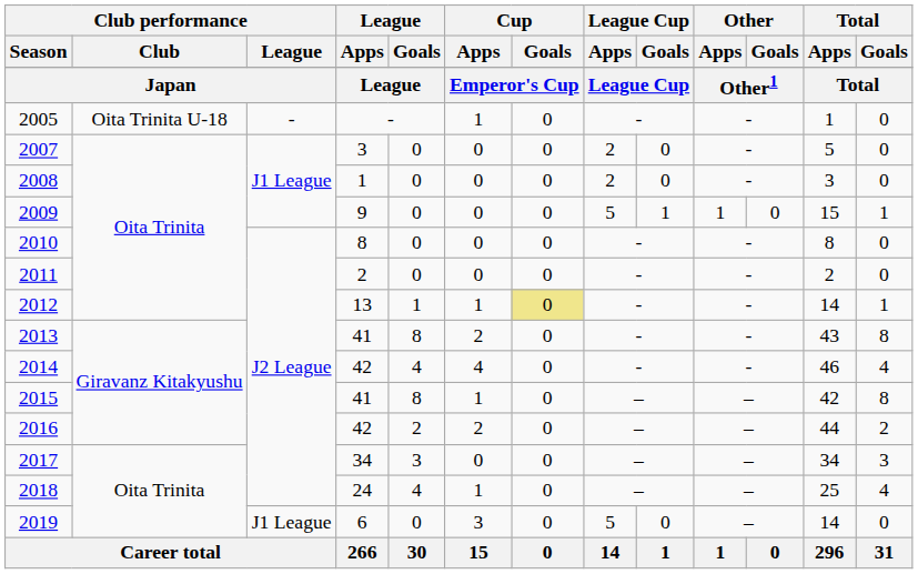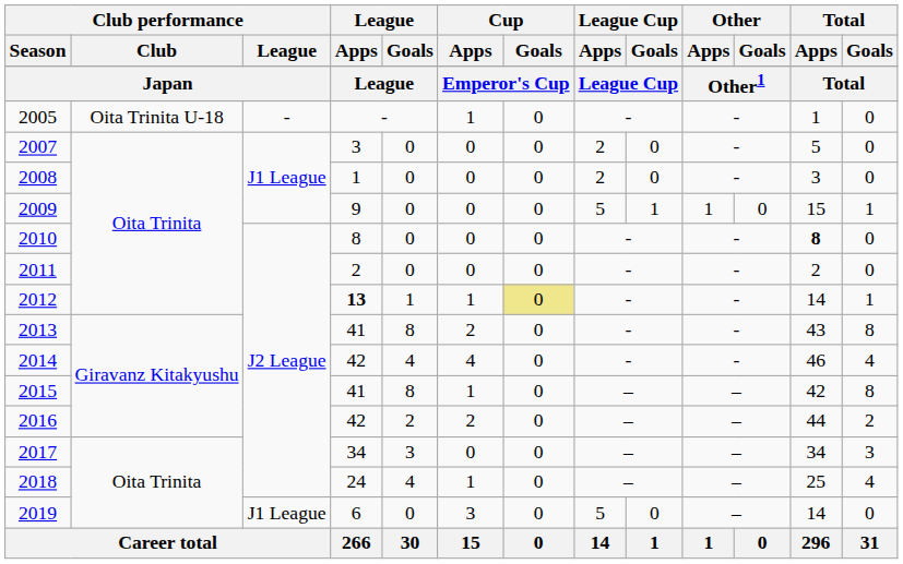 <table class="wikitable" style="text-align:center">
 <tr>
 <th colspan=3>Club performance</th>
 <th colspan=2>League</th>
 <th colspan=2>Cup</th>
 <th colspan=2>League Cup</th>
 <th colspan=2>Other</th>
 <th colspan=2>Total</th>
 </tr>
 <tr>
 <th>Season</th>
 <th>Club</th>
 <th>League</th>
 <th>Apps</th>
 <th>Goals</th>
 <th>Apps</th>
 <th>Goals</th>
 <th>Apps</th>
 <th>Goals</th>
 <th>Apps</th>
 <th>Goals</th>
 <th>Apps</th>
 <th>Goals</th>
 </tr>
 <tr>
 </tr>
 <tr>
 <th colspan=3>Japan</th>
 <th colspan=2>League</th>
 <th colspan=2><a href='#'>Emperor's Cup</a></th>
 <th colspan=2><a href='#'>League Cup</a></th>
 <th colspan="2">Other<sup><a href='#'>1</a></sup></th>
 <th colspan=2>Total</th>
 </tr>
 <tr>
 <td>2005</td>
 <td>Oita Trinita U-18</td>
 <td>-</td>
 <td colspan="2">-</td>
 <td>1</td>
 <td>0</td>
 <td colspan="2">-</td>
 <td colspan="2">-</td>
 <td>1</td>
 <td>0</td>
 </tr>
 <tr>
 <td><a href='#'>2007</a></td>
 <td rowspan="6"><a href='#'>Oita Trinita</a></td>
 <td rowspan="3"><a href='#'>J1 League</a></td>
 <td>3</td>
 <td>0</td>
 <td>0</td>
 <td>0</td>
 <td>2</td>
 <td>0</td>
 <td colspan="2">-</td>
 <td>5</td>
 <td>0</td>
 </tr>
 <tr>
 <td><a href='#'>2008</a></td>
 <td>1</td>
 <td>0</td>
 <td>0</td>
 <td>0</td>
 <td>2</td>
 <td>0</td>
 <td colspan="2">-</td>
 <td>3</td>
 <td>0</td>
 </tr>
 <tr>
 <td><a href='#'>2009</a></td>
 <td>9</td>
 <td>0</td>
 <td>0</td>
 <td>0</td>
 <td>5</td>
 <td>1</td>
 <td>1</td>
 <td>0</td>
 <td>15</td>
 <td>1</td>
 </tr>
 <tr>
 <td><a href='#'>2010</a></td>
 <td rowspan="9"><a href='#'>J2 League</a></td>
 <td>8</td>
 <td>0</td>
 <td>0</td>
 <td>0</td>
 <td colspan="2">-</td>
 <td colspan="2">-</td>
-<td>8</td>
+<td><strong>8</strong></td>
 <td>0</td>
 </tr>
 <tr>
 <td><a href='#'>2011</a></td>
 <td>2</td>
 <td>0</td>
 <td>0</td>
 <td>0</td>
 <td colspan="2">-</td>
 <td colspan="2">-</td>
 <td>2</td>
 <td>0</td>
 </tr>
 <tr>
 <td><a href='#'>2012</a></td>
-<td>13</td>
+<td><strong>13</strong></td>
 <td>1</td>
 <td>1</td>
 <td style="background: khaki;">0</td>
 <td colspan="2">-</td>
 <td colspan="2">-</td>
 <td>14</td>
 <td>1</td>
 </tr>
 <tr>
 <td><a href='#'>2013</a></td>
 <td rowspan="4"><a href='#'>Giravanz Kitakyushu</a></td>
 <td>41</td>
 <td>8</td>
 <td>2</td>
 <td>0</td>
 <td colspan="2">-</td>
 <td colspan="2">-</td>
 <td>43</td>
 <td>8</td>
 </tr>
 <tr>
 <td><a href='#'>2014</a></td>
 <td>42</td>
 <td>4</td>
 <td>4</td>
 <td>0</td>
 <td colspan="2">-</td>
 <td colspan="2">-</td>
 <td>46</td>
 <td>4</td>
 </tr>
 <tr>
 <td><a href='#'>2015</a></td>
 <td>41</td>
 <td>8</td>
 <td>1</td>
 <td>0</td>
 <td colspan="2">–</td>
 <td colspan="2">–</td>
 <td>42</td>
 <td>8</td>
 </tr>
 <tr>
 <td><a href='#'>2016</a></td>
 <td>42</td>
 <td>2</td>
 <td>2</td>
 <td>0</td>
 <td colspan="2">–</td>
 <td colspan="2">–</td>
 <td>44</td>
 <td>2</td>
 </tr>
 <tr>
 <td><a href='#'>2017</a></td>
 <td rowspan="3">Oita Trinita</td>
 <td>34</td>
 <td>3</td>
 <td>0</td>
 <td>0</td>
 <td colspan="2">–</td>
 <td colspan="2">–</td>
 <td>34</td>
 <td>3</td>
 </tr>
 <tr>
 <td><a href='#'>2018</a></td>
 <td>24</td>
 <td>4</td>
 <td>1</td>
 <td>0</td>
 <td colspan="2">–</td>
 <td colspan="2">–</td>
 <td>25</td>
 <td>4</td>
 </tr>
 <tr>
 <td><a href='#'>2019</a></td>
 <td>J1 League</td>
 <td>6</td>
 <td>0</td>
 <td>3</td>
 <td>0</td>
 <td>5</td>
 <td>0</td>
 <td colspan="2">–</td>
 <td>14</td>
 <td>0</td>
 </tr>
 <tr>
 <th colspan=3>Career total</th>
 <th>266</th>
 <th>30</th>
 <th>15</th>
 <th>0</th>
 <th>14</th>
 <th>1</th>
 <th>1</th>
 <th>0</th>
 <th>296</th>
 <th>31</th>
 </tr>
 </table>
